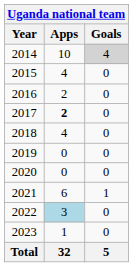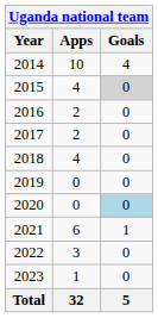 <table class="wikitable" style="text-align:center">
 <tr>
 <th colspan=11><a href='#'>Uganda national team</a></th>
 </tr>
 <tr>
 <th>Year</th>
 <th>Apps</th>
 <th>Goals</th>
 </tr>
 <tr>
 <td>2014</td>
 <td>10</td>
-<td style="background: lightgrey;">4</td>
+<td>4</td>
 </tr>
 <tr>
 <td>2015</td>
 <td>4</td>
-<td>0</td>
+<td style="background: lightgrey;">0</td>
 </tr>
 <tr>
 <td>2016</td>
 <td>2</td>
 <td>0</td>
 </tr>
 <tr>
 <td>2017</td>
-<td><strong>2</strong></td>
+<td>2</td>
 <td>0</td>
 </tr>
 <tr>
 <td>2018</td>
 <td>4</td>
 <td>0</td>
 </tr>
 <tr>
 <td>2019</td>
 <td>0</td>
 <td>0</td>
 </tr>
 <tr>
 <td>2020</td>
 <td>0</td>
-<td>0</td>
+<td style="background: lightblue;">0</td>
 </tr>
 <tr>
 <td>2021</td>
 <td>6</td>
 <td>1</td>
 </tr>
 <tr>
 <td>2022</td>
-<td style="background: lightblue;">3</td>
+<td>3</td>
 <td>0</td>
 </tr>
 <tr>
 <td>2023</td>
 <td>1</td>
 <td>0</td>
 </tr>
 <tr>
 <th>Total</th>
 <th>32</th>
 <th>5</th>
 </tr>
 </table>
